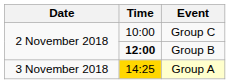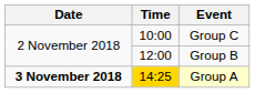 <table class = "wikitable" style="text-align:center;">
 <tr>
 <th width=150>Date</th>
 <th width=50>Time</th>
 <th width=80>Event</th>
 </tr>
 <tr>
 <td rowspan=2>2 November 2018</td>
 <td>10:00</td>
 <td>Group C</td>
 </tr>
 <tr>
-<td><strong>12:00</strong></td>
+<td>12:00</td>
 <td>Group B</td>
 </tr>
 <tr>
-<td>3 November 2018</td>
+<td><strong>3 November 2018</strong></td>
 <td style="background: gold;">14:25</td>
 <td bgcolor=ffffcc>Group A</td>
 </tr>
 </table>
